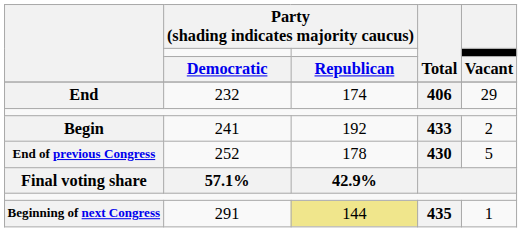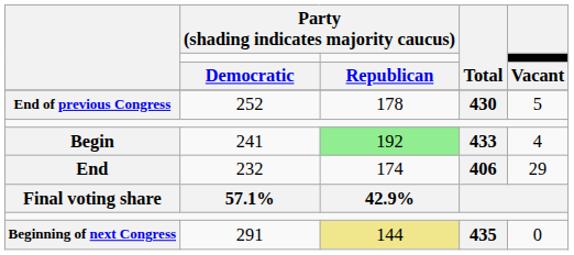 <table class=wikitable style="text-align:center">
 <tr style="vertical-align:bottom;">
 <th rowspan=3></th>
 <th colspan=2>Party <div>(shading indicates majority caucus)</div></th>
 <th rowspan=3>Total</th>
 <th></th>
 </tr>
 <tr style="height:5px">
 <td style="background-color:"></td>
 <td style="background-color:"></td>
 <td style="background:black;"></td>
 </tr>
 <tr style="vertical-align:bottom;">
 <th><a href='#'>Democratic</a></th>
 <th><a href='#'>Republican</a></th>
 <th>Vacant</th>
 </tr>
 <tr>
 </tr>
-<tr>
-<th>End</th>
-<td>232</td>
-<td>174</td>
-<th>406</th>
-<td>29</td>
+<tr style="height:5px">
+<th style="white-space:nowrap; font-size:80%;">End of <a href='#'>previous Congress</a></th>
+<td>252</td>
+<td>178</td>
+<th>430</th>
+<td>5</td>
 </tr>
 <tr>
 <td colspan=5></td>
 </tr>
 <tr>
 <th>Begin</th>
 <td>241</td>
-<td>192</td>
+<td style="background: lightgreen;">192</td>
 <th>433</th>
-<td>2</td>
+<td>4</td>
 </tr>
-<tr style="height:5px">
-<th style="white-space:nowrap; font-size:80%;">End of <a href='#'>previous Congress</a></th>
-<td>252</td>
-<td>178</td>
-<th>430</th>
-<td>5</td>
+<tr>
+<th>End</th>
+<td>232</td>
+<td>174</td>
+<th>406</th>
+<td>29</td>
 </tr>
 <tr>
 <th>Final voting share</th>
 <th>57.1%</th>
 <th>42.9%</th>
 <th colspan=2></th>
 </tr>
 <tr>
 <td colspan=5></td>
 </tr>
 <tr style="height:5px">
 <th style="white-space:nowrap; font-size:80%;">Beginning of <a href='#'>next Congress</a></th>
 <td>291</td>
 <td style="background: khaki;">144</td>
 <th>435</th>
-<td>1</td>
+<td>0</td>
 </tr>
 </table>
